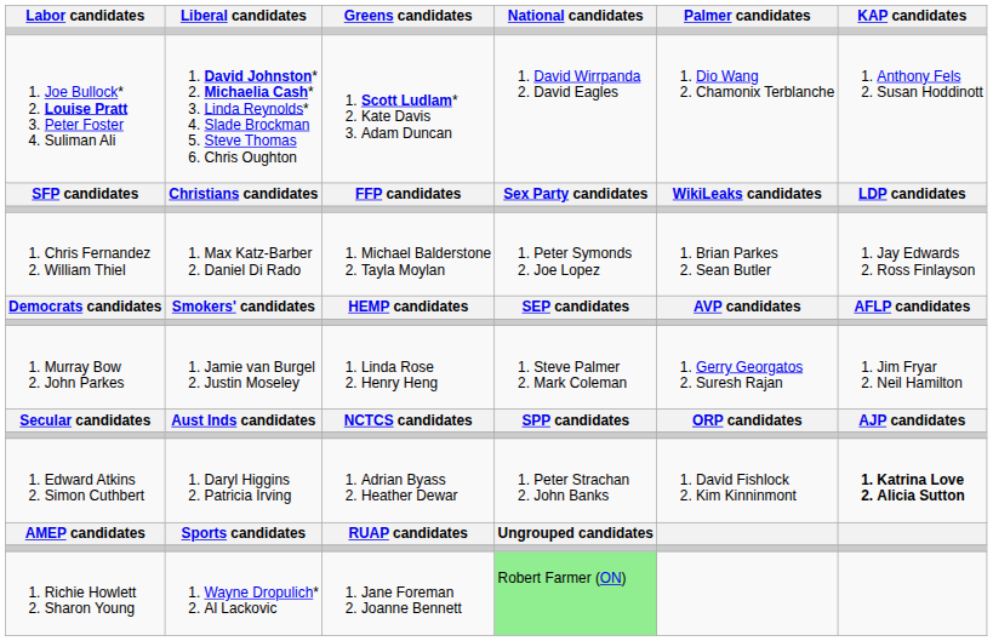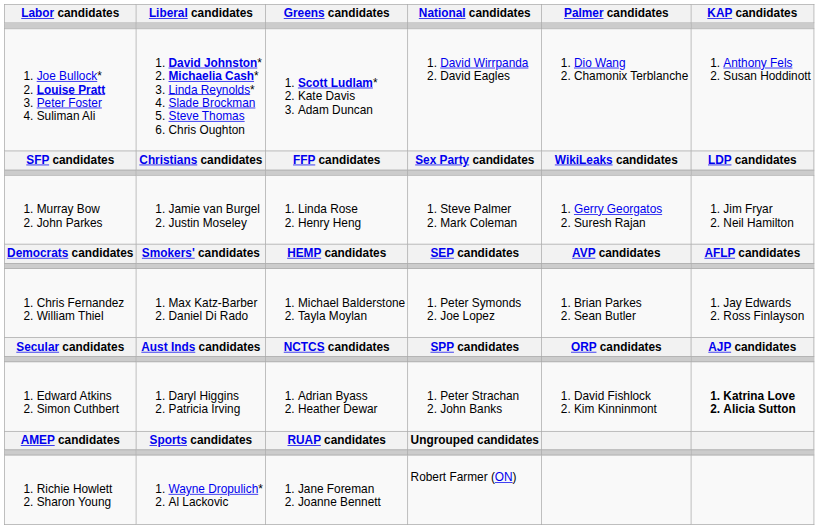 <table class="wikitable">
 <tr>
 <th><a href='#'>Labor</a> candidates</th>
 <th><a href='#'>Liberal</a> candidates</th>
 <th><a href='#'>Greens</a> candidates</th>
 <th><a href='#'>National</a> candidates</th>
 <th><a href='#'>Palmer</a> candidates</th>
 <th><a href='#'>KAP</a> candidates</th>
 </tr>
 <tr style="background:#ccc;">
 <td></td>
 <td></td>
 <td></td>
 <td></td>
 <td></td>
 <td></td>
 </tr>
 <tr>
 <td><br><ol><li><a href='#'>Joe Bullock</a>*</li><li><strong><a href='#'>Louise Pratt</a></strong></li><li><a href='#'>Peter Foster</a></li><li>Suliman Ali</li></ol></td>
 <td><br><ol><li><strong><a href='#'>David Johnston</a></strong>*</li><li><strong><a href='#'>Michaelia Cash</a></strong>*</li><li><a href='#'>Linda Reynolds</a>*</li><li><a href='#'>Slade Brockman</a></li><li><a href='#'>Steve Thomas</a></li><li>Chris Oughton</li></ol></td>
 <td><br><ol><li><strong><a href='#'>Scott Ludlam</a></strong>*</li><li>Kate Davis</li><li>Adam Duncan</li></ol></td>
 <td valign=top><br><ol><li><a href='#'>David Wirrpanda</a></li><li>David Eagles</li></ol></td>
 <td valign=top><br><ol><li><a href='#'>Dio Wang</a></li><li>Chamonix Terblanche</li></ol></td>
 <td valign=top><br><ol><li><a href='#'>Anthony Fels</a></li><li>Susan Hoddinott</li></ol></td>
 </tr>
 <tr style="background:#ccc;">
 <th><a href='#'>SFP</a> candidates</th>
 <th><a href='#'>Christians</a> candidates</th>
 <th><a href='#'>FFP</a> candidates</th>
 <th><a href='#'>Sex Party</a> candidates</th>
 <th><a href='#'>WikiLeaks</a> candidates</th>
 <th><a href='#'>LDP</a> candidates</th>
 </tr>
 <tr style="background:#ccc;">
 <td></td>
 <td></td>
 <td></td>
 <td></td>
 <td></td>
 <td></td>
 </tr>
 <tr>
-<td valign=top><br><ol><li>Chris Fernandez</li><li>William Thiel</li></ol></td>
-<td valign=top><br><ol><li>Max Katz-Barber</li><li>Daniel Di Rado</li></ol></td>
-<td valign=top><br><ol><li>Michael Balderstone</li><li>Tayla Moylan</li></ol></td>
-<td valign=top><br><ol><li>Peter Symonds</li><li>Joe Lopez</li></ol></td>
-<td valign=top><br><ol><li>Brian Parkes</li><li>Sean Butler</li></ol></td>
-<td valign=top><br><ol><li>Jay Edwards</li><li>Ross Finlayson</li></ol></td>
+<td valign=top><br><ol><li>Murray Bow</li><li>John Parkes</li></ol></td>
+<td valign=top><br><ol><li>Jamie van Burgel</li><li>Justin Moseley</li></ol></td>
+<td valign=top><br><ol><li>Linda Rose</li><li>Henry Heng</li></ol></td>
+<td valign=top><br><ol><li>Steve Palmer</li><li>Mark Coleman</li></ol></td>
+<td valign=top><br><ol><li><a href='#'>Gerry Georgatos</a></li><li>Suresh Rajan</li></ol></td>
+<td valign=top><br><ol><li>Jim Fryar</li><li>Neil Hamilton</li></ol></td>
 </tr>
 <tr style="background:#ccc;">
 <th><a href='#'>Democrats</a> candidates</th>
 <th><a href='#'>Smokers'</a> candidates</th>
 <th><a href='#'>HEMP</a> candidates</th>
 <th><a href='#'>SEP</a> candidates</th>
 <th><a href='#'>AVP</a> candidates</th>
 <th><a href='#'>AFLP</a> candidates</th>
 </tr>
 <tr style="background:#ccc;">
 <td></td>
 <td></td>
 <td></td>
 <td></td>
 <td></td>
 <td></td>
 </tr>
 <tr>
-<td valign=top><br><ol><li>Murray Bow</li><li>John Parkes</li></ol></td>
-<td valign=top><br><ol><li>Jamie van Burgel</li><li>Justin Moseley</li></ol></td>
-<td valign=top><br><ol><li>Linda Rose</li><li>Henry Heng</li></ol></td>
-<td valign=top><br><ol><li>Steve Palmer</li><li>Mark Coleman</li></ol></td>
-<td valign=top><br><ol><li><a href='#'>Gerry Georgatos</a></li><li>Suresh Rajan</li></ol></td>
-<td valign=top><br><ol><li>Jim Fryar</li><li>Neil Hamilton</li></ol></td>
+<td valign=top><br><ol><li>Chris Fernandez</li><li>William Thiel</li></ol></td>
+<td valign=top><br><ol><li>Max Katz-Barber</li><li>Daniel Di Rado</li></ol></td>
+<td valign=top><br><ol><li>Michael Balderstone</li><li>Tayla Moylan</li></ol></td>
+<td valign=top><br><ol><li>Peter Symonds</li><li>Joe Lopez</li></ol></td>
+<td valign=top><br><ol><li>Brian Parkes</li><li>Sean Butler</li></ol></td>
+<td valign=top><br><ol><li>Jay Edwards</li><li>Ross Finlayson</li></ol></td>
 </tr>
 <tr style="background:#ccc;">
 <th><a href='#'>Secular</a> candidates</th>
 <th><a href='#'>Aust Inds</a> candidates</th>
 <th><a href='#'>NCTCS</a> candidates</th>
 <th><a href='#'>SPP</a> candidates</th>
 <th><a href='#'>ORP</a> candidates</th>
 <th><a href='#'>AJP</a> candidates</th>
 </tr>
 <tr style="background:#ccc;">
 <td></td>
 <td></td>
 <td></td>
 <td></td>
 <td></td>
 <td></td>
 </tr>
 <tr>
 <td valign=top><br><ol><li>Edward Atkins</li><li>Simon Cuthbert</li></ol></td>
 <td valign=top><br><ol><li>Daryl Higgins</li><li>Patricia Irving</li></ol></td>
 <td valign=top><br><ol><li>Adrian Byass</li><li>Heather Dewar</li></ol></td>
 <td valign=top><br><ol><li>Peter Strachan</li><li>John Banks</li></ol></td>
 <td valign=top><br><ol><li>David Fishlock</li><li>Kim Kinninmont</li></ol></td>
 <td valign=top><strong><br><ol><li>Katrina Love</li><li>Alicia Sutton</li></ol></strong></td>
 </tr>
 <tr style="background:#ccc;">
 <th><a href='#'>AMEP</a> candidates</th>
 <th><a href='#'>Sports</a> candidates</th>
 <th><a href='#'>RUAP</a> candidates</th>
 <th>Ungrouped candidates</th>
 <th></th>
 <th></th>
 </tr>
 <tr style="background:#ccc;">
 <td></td>
 <td></td>
 <td></td>
 <td></td>
 <td></td>
 <td></td>
 </tr>
 <tr>
 <td valign=top><br><ol><li>Richie Howlett</li><li>Sharon Young</li></ol></td>
 <td><br><ol><li><a href='#'>Wayne Dropulich</a>*</li><li>Al Lackovic</li></ol></td>
 <td valign=top><br><ol><li>Jane Foreman</li><li>Joanne Bennett</li></ol></td>
-<td valign=top style="background: lightgreen;"><br>Robert Farmer (<a href='#'>ON</a>)</td>
+<td valign=top><br>Robert Farmer (<a href='#'>ON</a>)</td>
 <td valign=top></td>
 <td valign=top></td>
 </tr>
 </table>
